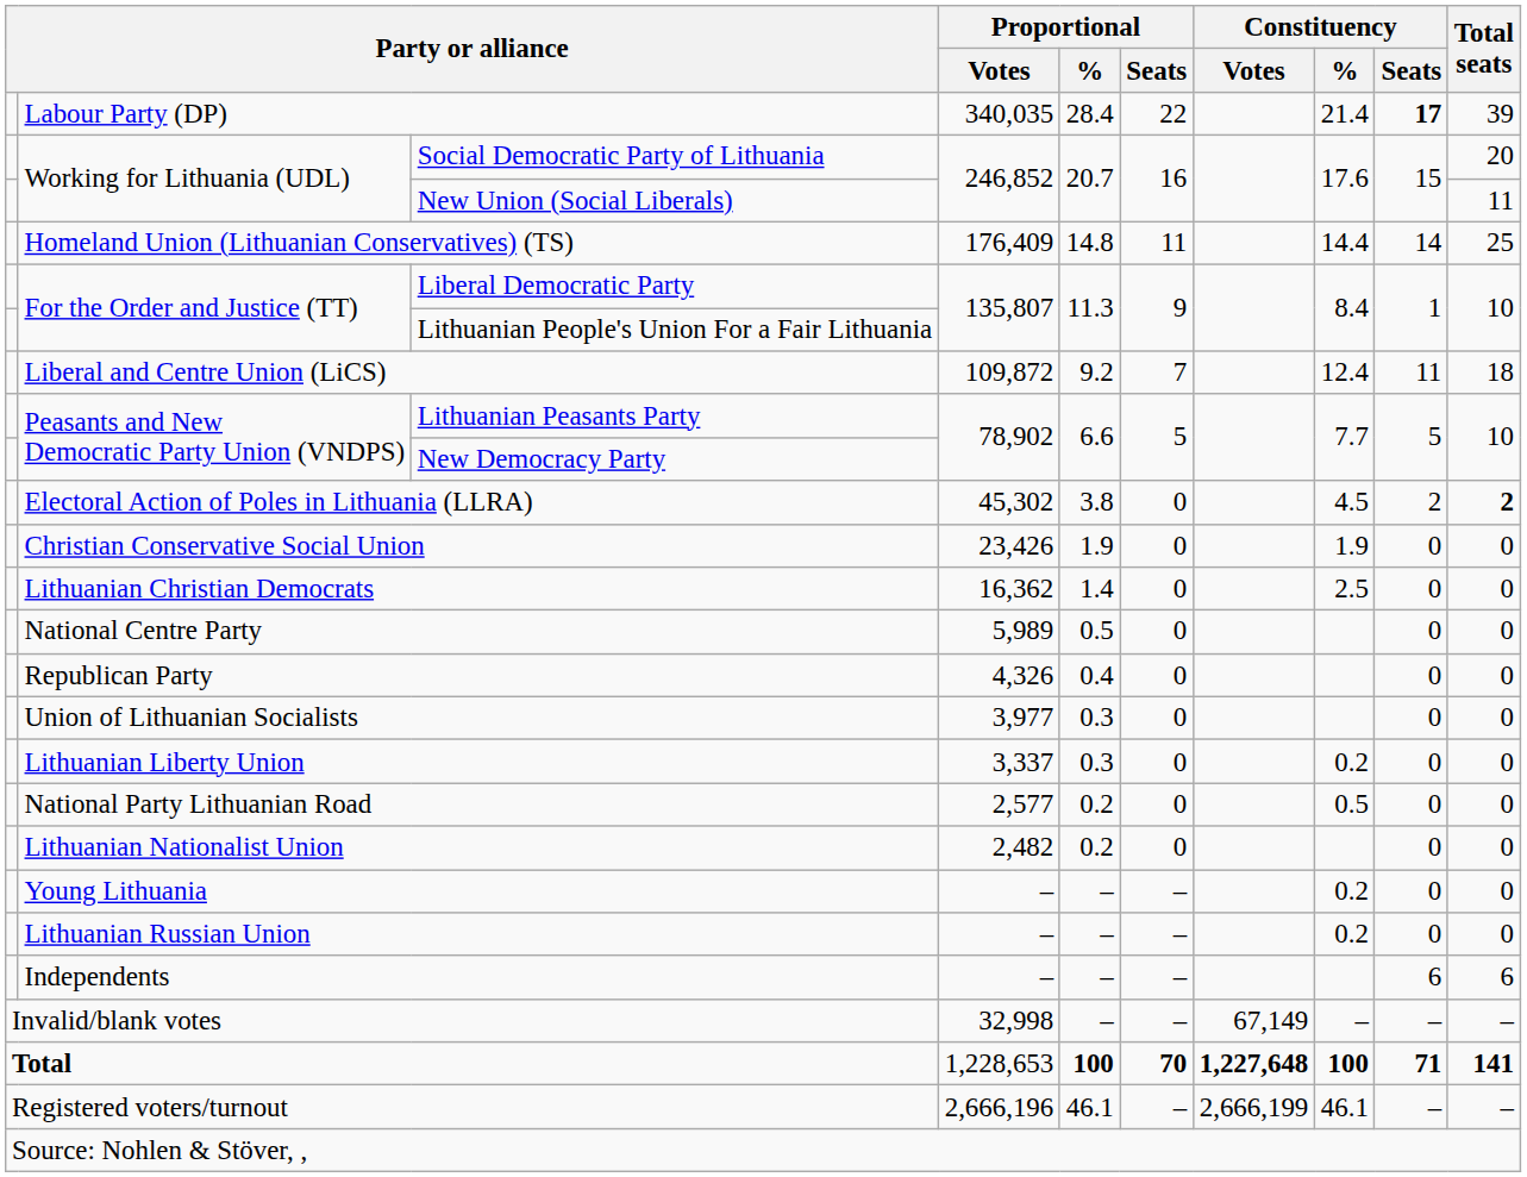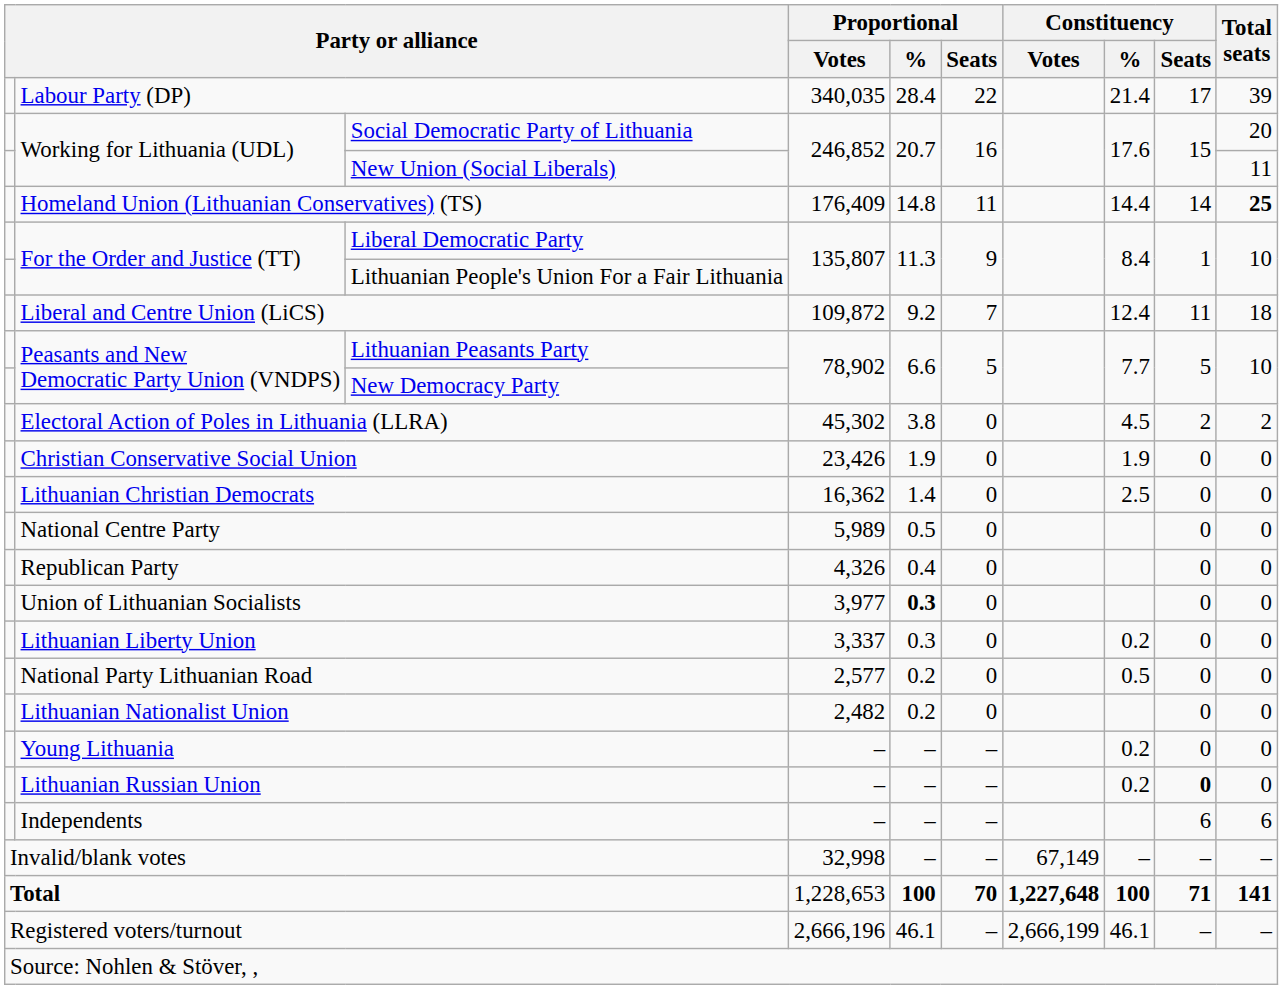 <table class=wikitable style=text-align:right>
 <tr>
 <th colspan=3 rowspan=2>Party or alliance</th>
 <th colspan=3>Proportional</th>
 <th colspan=3>Constituency</th>
 <th rowspan=2>Total<br>seats</th>
 </tr>
 <tr>
 <th>Votes</th>
 <th>%</th>
 <th>Seats</th>
 <th>Votes</th>
 <th>%</th>
 <th>Seats</th>
 </tr>
 <tr>
 <td style="background-color: "></td>
 <td align=left colspan=2><a href='#'>Labour Party</a> (DP)</td>
 <td>340,035</td>
 <td>28.4</td>
 <td>22</td>
 <td></td>
 <td>21.4</td>
-<td><strong>17</strong></td>
+<td>17</td>
 <td>39</td>
 </tr>
 <tr>
 <td style="background-color: "></td>
 <td align=left rowspan=2>Working for Lithuania (UDL)</td>
 <td align=left><a href='#'>Social Democratic Party of Lithuania</a></td>
 <td rowspan=2>246,852</td>
 <td rowspan=2>20.7</td>
 <td rowspan=2>16</td>
 <td rowspan=2></td>
 <td rowspan=2>17.6</td>
 <td rowspan=2>15</td>
 <td>20</td>
 </tr>
 <tr>
 <td style="background-color: "></td>
 <td align=left><a href='#'>New Union (Social Liberals)</a></td>
 <td>11</td>
 </tr>
 <tr>
 <td style="background-color: "></td>
 <td align=left colspan=2><a href='#'>Homeland Union (Lithuanian Conservatives)</a> (TS)</td>
 <td>176,409</td>
 <td>14.8</td>
 <td>11</td>
 <td></td>
 <td>14.4</td>
 <td>14</td>
-<td>25</td>
+<td><strong>25</strong></td>
 </tr>
 <tr>
 <td style="background-color: "></td>
 <td align=left rowspan=2><a href='#'>For the Order and Justice</a> (TT)</td>
 <td align=left><a href='#'>Liberal Democratic Party</a></td>
 <td rowspan=2>135,807</td>
 <td rowspan=2>11.3</td>
 <td rowspan=2>9</td>
 <td rowspan=2></td>
 <td rowspan=2>8.4</td>
 <td rowspan=2>1</td>
 <td rowspan=2>10</td>
 </tr>
 <tr>
 <td></td>
 <td align=left>Lithuanian People's Union For a Fair Lithuania</td>
 </tr>
 <tr>
 <td style="background-color: "></td>
 <td align=left colspan=2><a href='#'>Liberal and Centre Union</a> (LiCS)</td>
 <td>109,872</td>
 <td>9.2</td>
 <td>7</td>
 <td></td>
 <td>12.4</td>
 <td>11</td>
 <td>18</td>
 </tr>
 <tr>
 <td style="background-color: "></td>
 <td align=left rowspan=2><a href='#'>Peasants and New</a><br><a href='#'>Democratic Party Union</a> (VNDPS)</td>
 <td align=left><a href='#'>Lithuanian Peasants Party</a></td>
 <td rowspan=2>78,902</td>
 <td rowspan=2>6.6</td>
 <td rowspan=2>5</td>
 <td rowspan=2></td>
 <td rowspan=2>7.7</td>
 <td rowspan=2>5</td>
 <td rowspan=2>10</td>
 </tr>
 <tr>
 <td></td>
 <td align=left><a href='#'>New Democracy Party</a></td>
 </tr>
 <tr>
 <td style="background-color: "></td>
 <td align=left colspan=2><a href='#'>Electoral Action of Poles in Lithuania</a> (LLRA)</td>
 <td>45,302</td>
 <td>3.8</td>
 <td>0</td>
 <td></td>
 <td>4.5</td>
 <td>2</td>
-<td><strong>2</strong></td>
+<td>2</td>
 </tr>
 <tr>
 <td></td>
 <td align=left colspan=2><a href='#'>Christian Conservative Social Union</a></td>
 <td>23,426</td>
 <td>1.9</td>
 <td>0</td>
 <td></td>
 <td>1.9</td>
 <td>0</td>
 <td>0</td>
 </tr>
 <tr>
 <td style="background-color: "></td>
 <td align=left colspan=2><a href='#'>Lithuanian Christian Democrats</a></td>
 <td>16,362</td>
 <td>1.4</td>
 <td>0</td>
 <td></td>
 <td>2.5</td>
 <td>0</td>
 <td>0</td>
 </tr>
 <tr>
 <td></td>
 <td align=left colspan=2>National Centre Party</td>
 <td>5,989</td>
 <td>0.5</td>
 <td>0</td>
 <td></td>
 <td></td>
 <td>0</td>
 <td>0</td>
 </tr>
 <tr>
 <td></td>
 <td align=left colspan=2>Republican Party</td>
 <td>4,326</td>
 <td>0.4</td>
 <td>0</td>
 <td></td>
 <td></td>
 <td>0</td>
 <td>0</td>
 </tr>
 <tr>
 <td></td>
 <td align=left colspan=2>Union of Lithuanian Socialists</td>
 <td>3,977</td>
-<td>0.3</td>
+<td><strong>0.3</strong></td>
 <td>0</td>
 <td></td>
 <td></td>
 <td>0</td>
 <td>0</td>
 </tr>
 <tr>
 <td></td>
 <td align=left colspan=2><a href='#'>Lithuanian Liberty Union</a></td>
 <td>3,337</td>
 <td>0.3</td>
 <td>0</td>
 <td></td>
 <td>0.2</td>
 <td>0</td>
 <td>0</td>
 </tr>
 <tr>
 <td></td>
 <td align=left colspan=2>National Party Lithuanian Road</td>
 <td>2,577</td>
 <td>0.2</td>
 <td>0</td>
 <td></td>
 <td>0.5</td>
 <td>0</td>
 <td>0</td>
 </tr>
 <tr>
 <td></td>
 <td align=left colspan=2><a href='#'>Lithuanian Nationalist Union</a></td>
 <td>2,482</td>
 <td>0.2</td>
 <td>0</td>
 <td></td>
 <td></td>
 <td>0</td>
 <td>0</td>
 </tr>
 <tr>
 <td></td>
 <td align=left colspan=2><a href='#'>Young Lithuania</a></td>
 <td>–</td>
 <td>–</td>
 <td>–</td>
 <td></td>
 <td>0.2</td>
 <td>0</td>
 <td>0</td>
 </tr>
 <tr>
 <td></td>
 <td align=left colspan=2><a href='#'>Lithuanian Russian Union</a></td>
 <td>–</td>
 <td>–</td>
 <td>–</td>
 <td></td>
 <td>0.2</td>
-<td>0</td>
+<td><strong>0</strong></td>
 <td>0</td>
 </tr>
 <tr>
 <td></td>
 <td align=left colspan=2>Independents</td>
 <td>–</td>
 <td>–</td>
 <td>–</td>
 <td></td>
 <td></td>
 <td>6</td>
 <td>6</td>
 </tr>
 <tr>
 <td align=left colspan=3>Invalid/blank votes</td>
 <td>32,998</td>
 <td>–</td>
 <td>–</td>
 <td>67,149</td>
 <td>–</td>
 <td>–</td>
 <td>–</td>
 </tr>
 <tr>
 <td align=left colspan=3><strong>Total</strong></td>
 <td>1,228,653</td>
 <td><strong>100</strong></td>
 <td><strong>70</strong></td>
 <td><strong>1,227,648</strong></td>
 <td><strong>100</strong></td>
 <td><strong>71</strong></td>
 <td><strong>141</strong></td>
 </tr>
 <tr>
 <td align=left colspan=3>Registered voters/turnout</td>
 <td>2,666,196</td>
 <td>46.1</td>
 <td>–</td>
 <td>2,666,199</td>
 <td>46.1</td>
 <td>–</td>
 <td>–</td>
 </tr>
 <tr>
 <td align=left colspan=10>Source: Nohlen & Stöver, , </td>
 </tr>
 </table>
